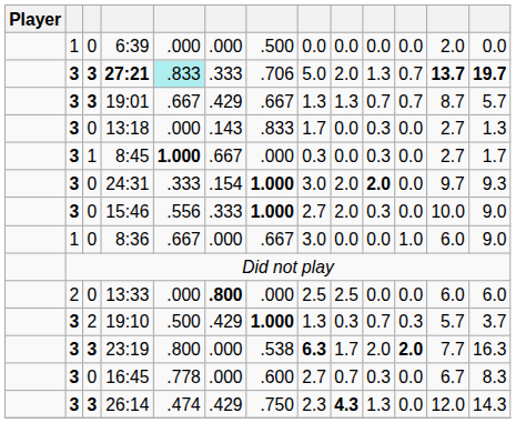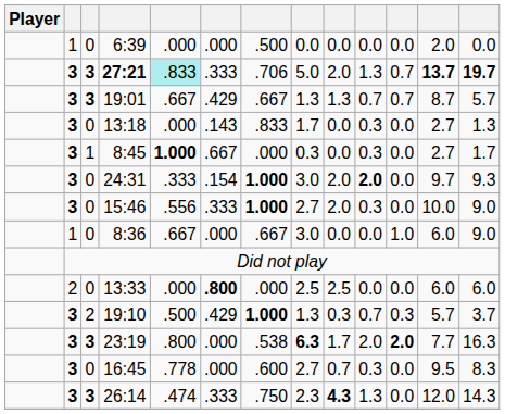 <table class="wikitable sortable" style="font-size:95%; text-align:right;">
 <tr>
 <th>Player</th>
 <th></th>
 <th></th>
 <th></th>
 <th></th>
 <th></th>
 <th></th>
 <th></th>
 <th></th>
 <th></th>
 <th></th>
 <th></th>
 <th></th>
 </tr>
 <tr>
 <td><strong></strong></td>
 <td>1</td>
 <td>0</td>
 <td>6:39</td>
 <td>.000</td>
 <td>.000</td>
 <td>.500</td>
 <td>0.0</td>
 <td>0.0</td>
 <td>0.0</td>
 <td>0.0</td>
 <td>2.0</td>
 <td>0.0</td>
 </tr>
 <tr>
 <td><strong></strong></td>
 <td><strong>3</strong></td>
 <td><strong>3</strong></td>
 <td><strong>27:21</strong></td>
 <td style="background: paleturquoise;">.833</td>
 <td>.333</td>
 <td>.706</td>
 <td>5.0</td>
 <td>2.0</td>
 <td>1.3</td>
 <td>0.7</td>
 <td><strong>13.7</strong></td>
 <td><strong>19.7</strong></td>
 </tr>
 <tr>
 <td><strong></strong></td>
 <td><strong>3</strong></td>
 <td><strong>3</strong></td>
 <td>19:01</td>
 <td>.667</td>
 <td>.429</td>
 <td>.667</td>
 <td>1.3</td>
 <td>1.3</td>
 <td>0.7</td>
 <td>0.7</td>
 <td>8.7</td>
 <td>5.7</td>
 </tr>
 <tr>
 <td><strong></strong></td>
 <td><strong>3</strong></td>
 <td>0</td>
 <td>13:18</td>
 <td>.000</td>
 <td>.143</td>
 <td>.833</td>
 <td>1.7</td>
 <td>0.0</td>
 <td>0.3</td>
 <td>0.0</td>
 <td>2.7</td>
 <td>1.3</td>
 </tr>
 <tr>
 <td><strong></strong></td>
 <td><strong>3</strong></td>
 <td>1</td>
 <td>8:45</td>
 <td><strong>1.000</strong></td>
 <td>.667</td>
 <td>.000</td>
 <td>0.3</td>
 <td>0.0</td>
 <td>0.3</td>
 <td>0.0</td>
 <td>2.7</td>
 <td>1.7</td>
 </tr>
 <tr>
 <td><strong></strong></td>
 <td><strong>3</strong></td>
 <td>0</td>
 <td>24:31</td>
 <td>.333</td>
 <td>.154</td>
 <td><strong>1.000</strong></td>
 <td>3.0</td>
 <td>2.0</td>
 <td><strong>2.0</strong></td>
 <td>0.0</td>
 <td>9.7</td>
 <td>9.3</td>
 </tr>
 <tr>
 <td><strong></strong></td>
 <td><strong>3</strong></td>
 <td>0</td>
 <td>15:46</td>
 <td>.556</td>
 <td>.333</td>
 <td><strong>1.000</strong></td>
 <td>2.7</td>
 <td>2.0</td>
 <td>0.3</td>
 <td>0.0</td>
 <td>10.0</td>
 <td>9.0</td>
 </tr>
 <tr>
 <td><strong></strong></td>
 <td>1</td>
 <td>0</td>
 <td>8:36</td>
 <td>.667</td>
 <td>.000</td>
 <td>.667</td>
 <td>3.0</td>
 <td>0.0</td>
 <td>0.0</td>
 <td>1.0</td>
 <td>6.0</td>
 <td>9.0</td>
 </tr>
 <tr>
 <td><strong></strong></td>
 <td colspan=12 style="text-align:center;"><em>Did not play</em></td>
 </tr>
 <tr>
 <td><strong></strong></td>
 <td>2</td>
 <td>0</td>
 <td>13:33</td>
 <td>.000</td>
 <td><strong>.800</strong></td>
 <td>.000</td>
 <td>2.5</td>
 <td>2.5</td>
 <td>0.0</td>
 <td>0.0</td>
 <td>6.0</td>
 <td>6.0</td>
 </tr>
 <tr>
 <td><strong></strong></td>
 <td><strong>3</strong></td>
 <td>2</td>
 <td>19:10</td>
 <td>.500</td>
 <td>.429</td>
 <td><strong>1.000</strong></td>
 <td>1.3</td>
 <td>0.3</td>
 <td>0.7</td>
 <td>0.3</td>
 <td>5.7</td>
 <td>3.7</td>
 </tr>
 <tr>
 <td><strong></strong></td>
 <td><strong>3</strong></td>
 <td><strong>3</strong></td>
 <td>23:19</td>
 <td>.800</td>
 <td>.000</td>
 <td>.538</td>
 <td><strong>6.3</strong></td>
 <td>1.7</td>
 <td>2.0</td>
 <td><strong>2.0</strong></td>
 <td>7.7</td>
 <td>16.3</td>
 </tr>
 <tr>
 <td><strong></strong></td>
 <td><strong>3</strong></td>
 <td>0</td>
 <td>16:45</td>
 <td>.778</td>
 <td>.000</td>
 <td>.600</td>
 <td>2.7</td>
 <td>0.7</td>
 <td>0.3</td>
 <td>0.0</td>
-<td>6.7</td>
+<td>9.5</td>
 <td>8.3</td>
 </tr>
 <tr>
 <td><strong></strong></td>
 <td><strong>3</strong></td>
 <td><strong>3</strong></td>
 <td>26:14</td>
 <td>.474</td>
-<td>.429</td>
+<td>.333</td>
 <td>.750</td>
 <td>2.3</td>
 <td><strong>4.3</strong></td>
 <td>1.3</td>
 <td>0.0</td>
 <td>12.0</td>
 <td>14.3</td>
 </tr>
 <tr>
 </tr>
 </table>
